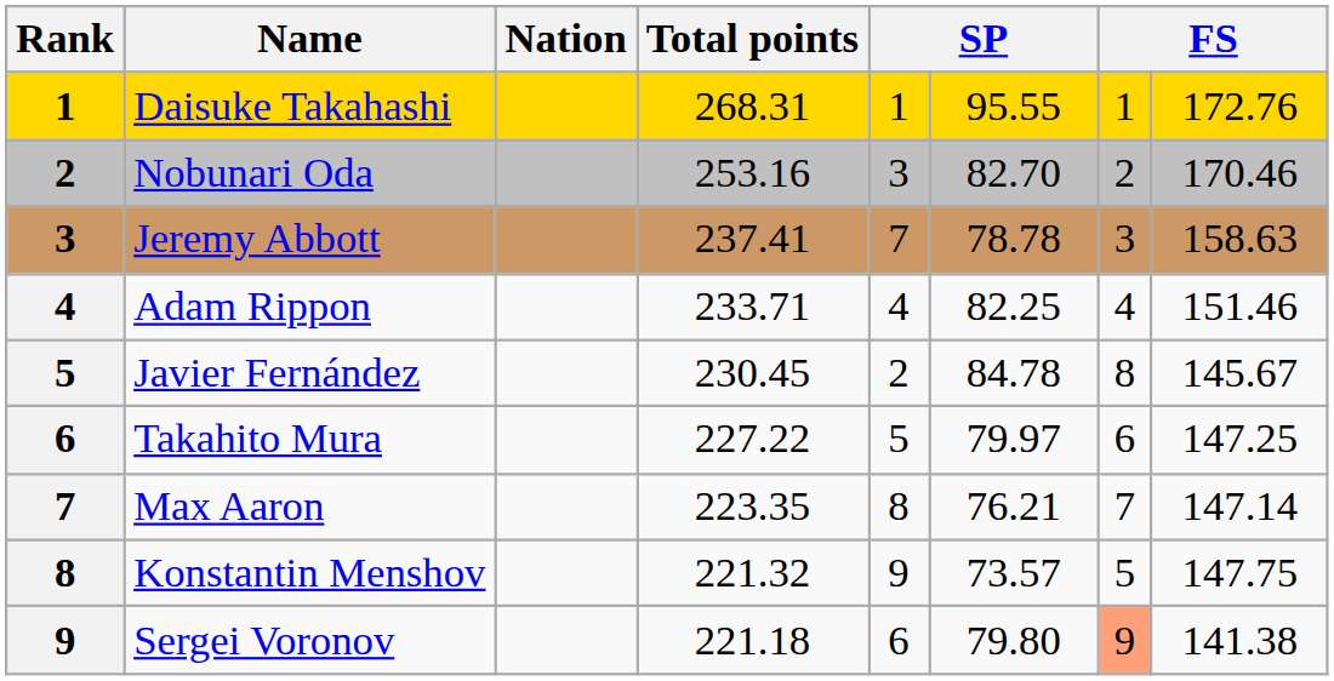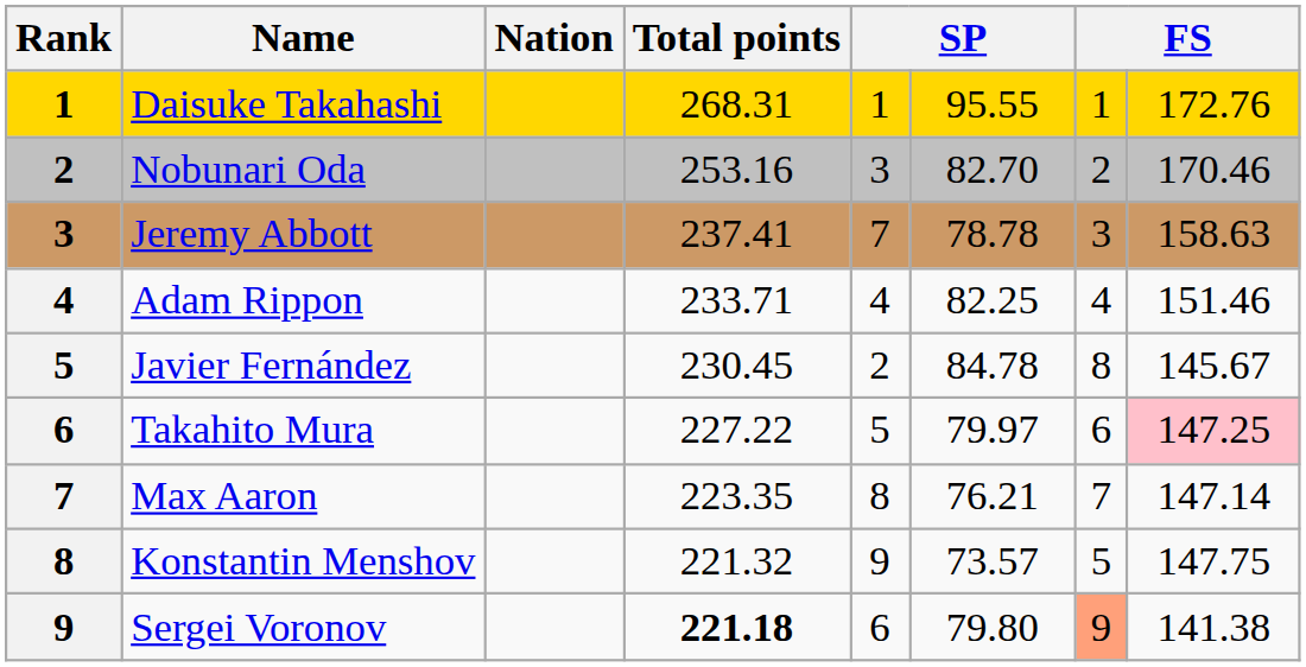 <table class="wikitable sortable">
 <tr>
 <th>Rank</th>
 <th>Name</th>
 <th>Nation</th>
 <th>Total points</th>
 <th colspan="2" width="80px"><a href='#'>SP</a></th>
 <th colspan="2" width="80px"><a href='#'>FS</a></th>
 </tr>
 <tr bgcolor="gold">
 <td align="center"><strong>1</strong></td>
 <td><a href='#'>Daisuke Takahashi</a></td>
 <td></td>
 <td align="center">268.31</td>
 <td align="center">1</td>
 <td align="center">95.55</td>
 <td align="center">1</td>
 <td align="center">172.76</td>
 </tr>
 <tr bgcolor="silver">
 <td align="center"><strong>2</strong></td>
 <td><a href='#'>Nobunari Oda</a></td>
 <td></td>
 <td align="center">253.16</td>
 <td align="center">3</td>
 <td align="center">82.70</td>
 <td align="center">2</td>
 <td align="center">170.46</td>
 </tr>
 <tr bgcolor="cc9966">
 <td align="center"><strong>3</strong></td>
 <td><a href='#'>Jeremy Abbott</a></td>
 <td></td>
 <td align="center">237.41</td>
 <td align="center">7</td>
 <td align="center">78.78</td>
 <td align="center">3</td>
 <td align="center">158.63</td>
 </tr>
 <tr>
 <th>4</th>
 <td><a href='#'>Adam Rippon</a></td>
 <td></td>
 <td align="center">233.71</td>
 <td align="center">4</td>
 <td align="center">82.25</td>
 <td align="center">4</td>
 <td align="center">151.46</td>
 </tr>
 <tr>
 <th>5</th>
 <td><a href='#'>Javier Fernández</a></td>
 <td></td>
 <td align="center">230.45</td>
 <td align="center">2</td>
 <td align="center">84.78</td>
 <td align="center">8</td>
 <td align="center">145.67</td>
 </tr>
 <tr>
 <th>6</th>
 <td><a href='#'>Takahito Mura</a></td>
 <td></td>
 <td align="center">227.22</td>
 <td align="center">5</td>
 <td align="center">79.97</td>
 <td align="center">6</td>
-<td align="center">147.25</td>
+<td align="center" style="background: pink;">147.25</td>
 </tr>
 <tr>
 <th>7</th>
 <td><a href='#'>Max Aaron</a></td>
 <td></td>
 <td align="center">223.35</td>
 <td align="center">8</td>
 <td align="center">76.21</td>
 <td align="center">7</td>
 <td align="center">147.14</td>
 </tr>
 <tr>
 <th>8</th>
 <td><a href='#'>Konstantin Menshov</a></td>
 <td></td>
 <td align="center">221.32</td>
 <td align="center">9</td>
 <td align="center">73.57</td>
 <td align="center">5</td>
 <td align="center">147.75</td>
 </tr>
 <tr>
 <th>9</th>
 <td><a href='#'>Sergei Voronov</a></td>
 <td></td>
-<td align="center">221.18</td>
+<td align="center"><strong>221.18</strong></td>
 <td align="center">6</td>
 <td align="center">79.80</td>
 <td align="center" style="background: lightsalmon;">9</td>
 <td align="center">141.38</td>
 </tr>
 </table>
